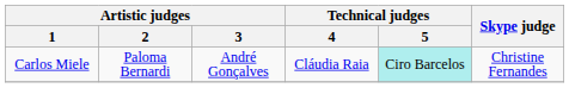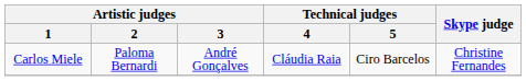 <table class="wikitable" style="font-size:100%; line-height:16px; text-align:center" width="100%">
 <tr>
 <th colspan=3 width="50.0%">Artistic judges</th>
 <th colspan=2 width="33.3%">Technical judges</th>
 <th rowspan=2 width="16.7%"><a href='#'>Skype</a> judge<br></th>
 </tr>
 <tr>
 <th width="16.7%">1</th>
 <th width="16.7%">2</th>
 <th width="16.7%">3</th>
 <th width="16.7%">4</th>
 <th width="16.7%">5</th>
 </tr>
 <tr>
 <td><a href='#'>Carlos Miele</a></td>
 <td><a href='#'>Paloma Bernardi</a></td>
 <td><a href='#'>André Gonçalves</a></td>
 <td><a href='#'>Cláudia Raia</a></td>
-<td style="background: paleturquoise;">Ciro Barcelos</td>
+<td>Ciro Barcelos</td>
 <td><a href='#'>Christine Fernandes</a></td>
 </tr>
 <tr>
 </tr>
 </table>
